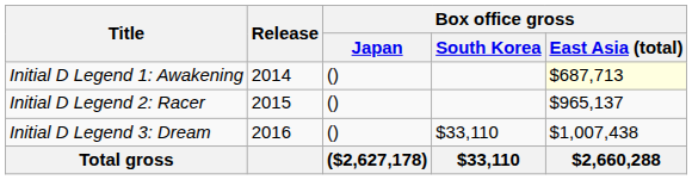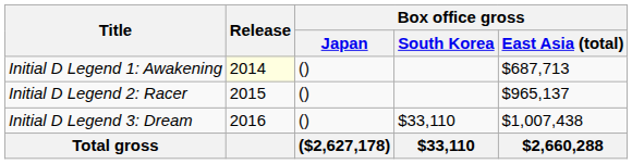 <table class="wikitable">
 <tr>
 <th rowspan="2">Title</th>
 <th rowspan="2">Release</th>
 <th colspan="3">Box office gross</th>
 </tr>
 <tr>
 <th><a href='#'>Japan</a></th>
 <th><a href='#'>South Korea</a></th>
 <th><a href='#'>East Asia</a> (total)</th>
 </tr>
 <tr>
 <td><em>Initial D Legend 1: Awakening</em></td>
-<td>2014</td>
+<td style="background: lightyellow;">2014</td>
 <td> ()</td>
 <td></td>
-<td style="background: lightyellow;">$687,713</td>
+<td>$687,713</td>
 </tr>
 <tr>
 <td><em>Initial D Legend 2: Racer</em></td>
 <td>2015</td>
 <td> ()</td>
 <td></td>
 <td>$965,137</td>
 </tr>
 <tr>
 <td><em>Initial D Legend 3: Dream</em></td>
 <td>2016</td>
 <td> ()</td>
 <td>$33,110</td>
 <td>$1,007,438</td>
 </tr>
 <tr>
 <th>Total gross</th>
 <th></th>
 <th> ($2,627,178)</th>
 <th>$33,110</th>
 <th>$2,660,288</th>
 </tr>
 </table>
